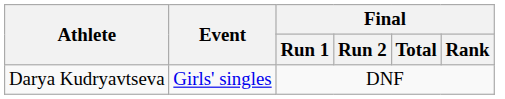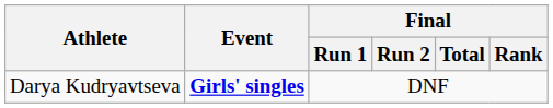 <table class="wikitable">
 <tr>
 <th rowspan="2">Athlete</th>
 <th rowspan="2">Event</th>
 <th colspan="4">Final</th>
 </tr>
 <tr>
 <th>Run 1</th>
 <th>Run 2</th>
 <th>Total</th>
 <th>Rank</th>
 </tr>
 <tr>
 <td>Darya Kudryavtseva</td>
-<td><a href='#'>Girls' singles</a></td>
+<td><strong><a href='#'>Girls' singles</a></strong></td>
 <td align="center" colspan=4>DNF</td>
 </tr>
 </table>
